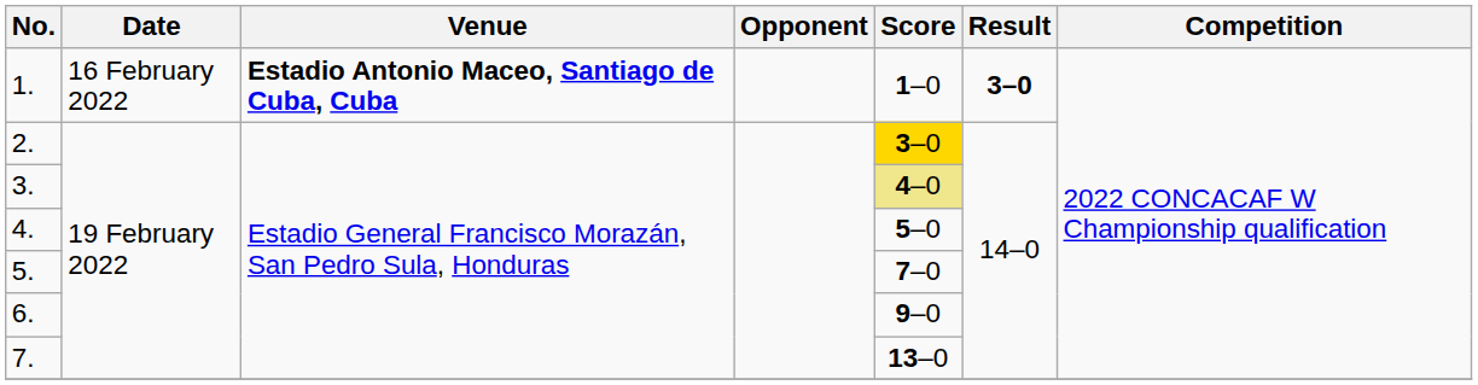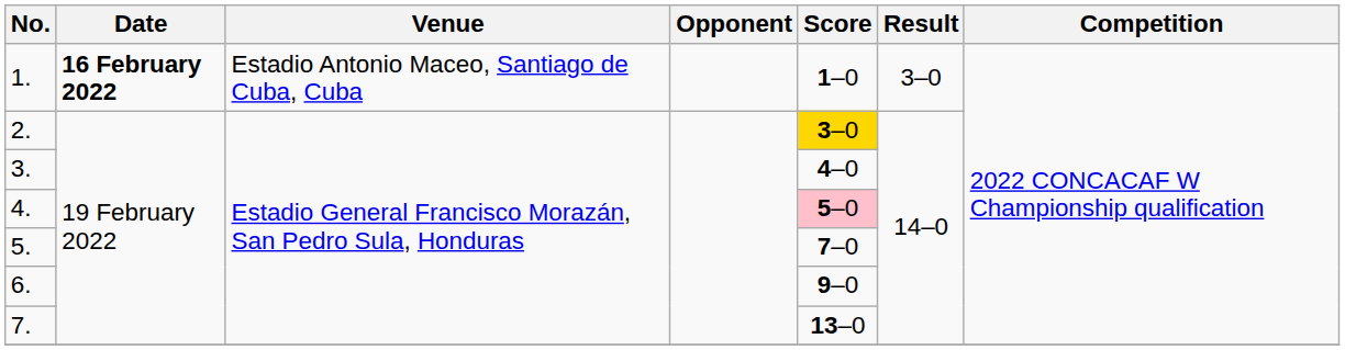 <table class="wikitable">
 <tr>
 <th>No.</th>
 <th>Date</th>
 <th>Venue</th>
 <th>Opponent</th>
 <th>Score</th>
 <th>Result</th>
 <th>Competition</th>
 </tr>
 <tr>
 <td>1.</td>
-<td>16 February 2022</td>
-<td><strong>Estadio Antonio Maceo, <a href='#'>Santiago de Cuba</a>, <a href='#'>Cuba</a></strong></td>
+<td><strong>16 February 2022</strong></td>
+<td>Estadio Antonio Maceo, <a href='#'>Santiago de Cuba</a>, <a href='#'>Cuba</a></td>
 <td></td>
 <td align=center><strong>1</strong>–0</td>
-<td align=center><strong>3–0</strong></td>
+<td align=center>3–0</td>
 <td rowspan=7><a href='#'>2022 CONCACAF W Championship qualification</a></td>
 </tr>
 <tr>
 <td>2.</td>
 <td rowspan=6>19 February 2022</td>
 <td rowspan=6><a href='#'>Estadio General Francisco Morazán</a>, <a href='#'>San Pedro Sula</a>, <a href='#'>Honduras</a></td>
 <td rowspan=6></td>
 <td align=center style="background: gold;"><strong>3</strong>–0</td>
 <td rowspan=6 align=center>14–0</td>
 </tr>
 <tr>
 <td>3.</td>
-<td align=center style="background: khaki;"><strong>4</strong>–0</td>
+<td align=center><strong>4</strong>–0</td>
 </tr>
 <tr>
 <td>4.</td>
-<td align=center><strong>5</strong>–0</td>
+<td align=center style="background: pink;"><strong>5</strong>–0</td>
 </tr>
 <tr>
 <td>5.</td>
 <td align=center><strong>7</strong>–0</td>
 </tr>
 <tr>
 <td>6.</td>
 <td align=center><strong>9</strong>–0</td>
 </tr>
 <tr>
 <td>7.</td>
 <td align=center><strong>13</strong>–0</td>
 </tr>
 <tr>
 </tr>
 </table>
